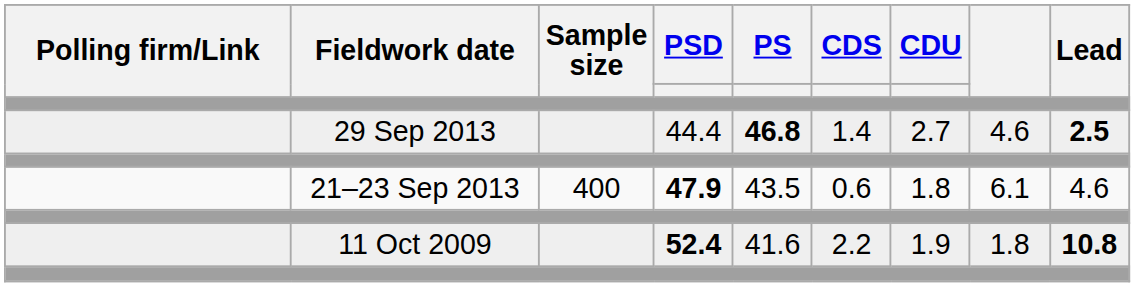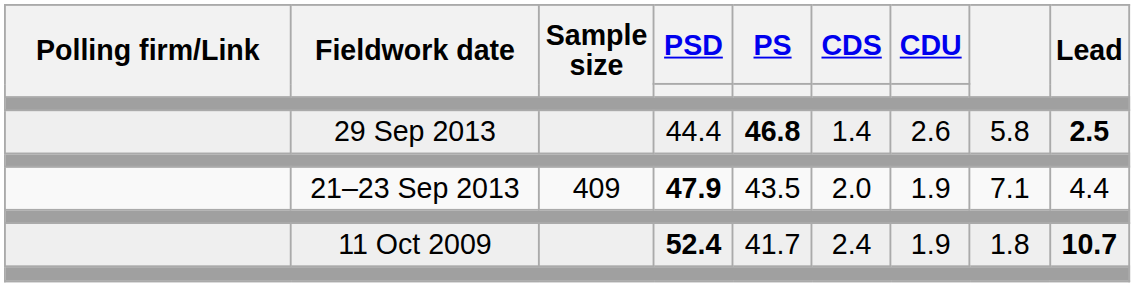 <table class="wikitable collapsible sortable" style="text-align:center; font-size:95%; line-height:16px;">
 <tr style="height:42px;">
 <th style="width:145px;" rowspan="2">Polling firm/Link</th>
 <th style="width:125px;" rowspan="2">Fieldwork date</th>
 <th class="unsortable" style="width:50px;" rowspan="2">Sample size</th>
 <th class="unsortable" style="width:35px;"><a href='#'>PSD</a></th>
 <th class="unsortable" style="width:35px;"><a href='#'>PS</a></th>
 <th class="unsortable" style="width:35px;"><a href='#'>CDS</a></th>
 <th class="unsortable" style="width:35px;"><a href='#'>CDU</a></th>
 <th class="unsortable" style="width:35px;" rowspan="2"></th>
 <th class="unsortable" style="width:30px;" rowspan="2">Lead</th>
 </tr>
 <tr>
 <th class="unsortable" style="color:inherit;background:"></th>
 <th class="unsortable" style="color:inherit;background:"></th>
 <th class="unsortable" style="color:inherit;background:"></th>
 <th class="unsortable" style="color:inherit;background:"></th>
 </tr>
 <tr>
 <td colspan="13" style="background:#A0A0A0"></td>
 </tr>
 <tr style="background:#EFEFEF;">
 <td><strong></strong></td>
 <td data-sort-value="2019-10-06">29 Sep 2013</td>
 <td></td>
 <td>44.4<br></td>
 <td><strong>46.8</strong><br></td>
 <td>1.4<br></td>
-<td>2.7<br></td>
-<td>4.6<br></td>
+<td>2.6<br></td>
+<td>5.8<br></td>
 <td style="background:"><strong>2.5</strong></td>
 </tr>
 <tr>
 <td colspan="13" style="background:#A0A0A0"></td>
 </tr>
 <tr>
 <td align="center"></td>
 <td align="center">21–23 Sep 2013</td>
-<td>400</td>
+<td>409</td>
 <td align="center" ><strong>47.9</strong></td>
 <td align="center">43.5</td>
-<td align="center">0.6</td>
-<td align="center">1.8</td>
-<td align="center">6.1</td>
-<td style="background:">4.6</td>
+<td align="center">2.0</td>
+<td align="center">1.9</td>
+<td align="center">7.1</td>
+<td style="background:">4.4</td>
 </tr>
 <tr>
 <td colspan="13" style="background:#A0A0A0"></td>
 </tr>
 <tr style="background:#EFEFEF;">
 <td><strong></strong></td>
 <td data-sort-value="2019-10-06">11 Oct 2009</td>
 <td></td>
 <td><strong>52.4</strong><br></td>
-<td>41.6<br></td>
-<td>2.2<br></td>
+<td>41.7<br></td>
+<td>2.4<br></td>
 <td>1.9<br></td>
 <td>1.8</td>
-<td style="background:"><strong>10.8</strong></td>
+<td style="background:"><strong>10.7</strong></td>
 </tr>
 <tr>
 <td colspan="13" style="background:#A0A0A0"></td>
 </tr>
 <tr>
 </tr>
 </table>
